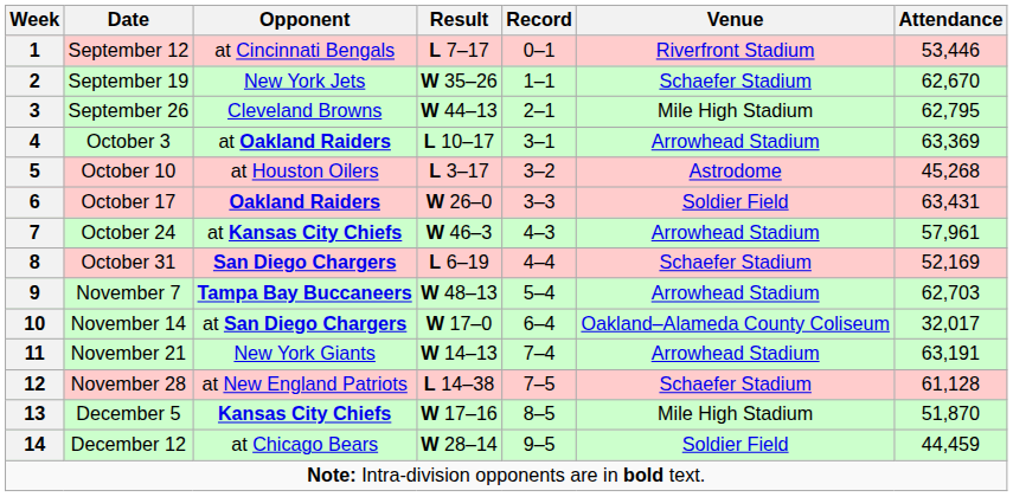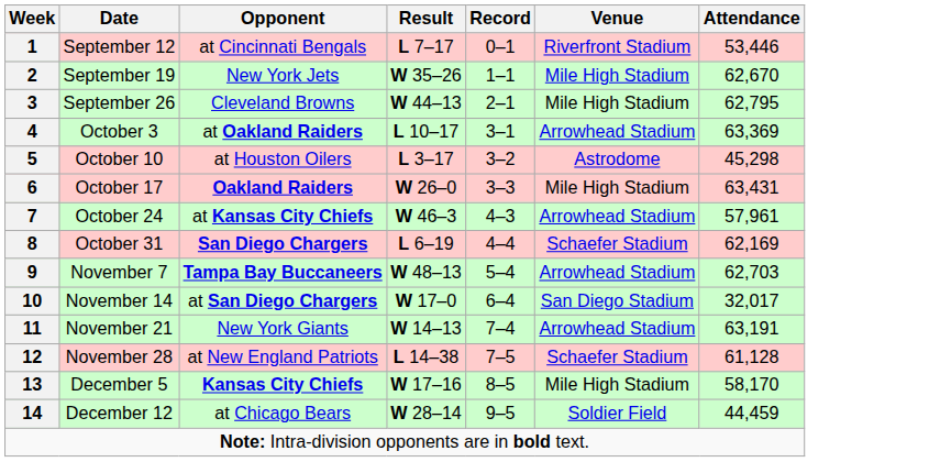 <table class="wikitable" style="text-align:center">
 <tr>
 <th>Week</th>
 <th>Date</th>
 <th>Opponent</th>
 <th>Result</th>
 <th>Record</th>
 <th>Venue</th>
 <th>Attendance</th>
 </tr>
 <tr style="background:#fcc">
 <th>1</th>
 <td>September 12</td>
 <td>at <a href='#'>Cincinnati Bengals</a></td>
 <td><strong>L</strong> 7–17</td>
 <td>0–1</td>
 <td><a href='#'>Riverfront Stadium</a></td>
 <td>53,446</td>
 </tr>
 <tr style="background:#cfc">
 <th>2</th>
 <td>September 19</td>
 <td><a href='#'>New York Jets</a></td>
 <td><strong>W</strong> 35–26</td>
 <td>1–1</td>
-<td><a href='#'>Schaefer Stadium</a></td>
+<td><a href='#'>Mile High Stadium</a></td>
 <td>62,670</td>
 </tr>
 <tr style="background:#cfc">
 <th>3</th>
 <td>September 26</td>
 <td><a href='#'>Cleveland Browns</a></td>
 <td><strong>W</strong> 44–13</td>
 <td>2–1</td>
 <td>Mile High Stadium</td>
 <td>62,795</td>
 </tr>
 <tr style="background:#cfc">
 <th>4</th>
 <td>October 3</td>
 <td>at <strong><a href='#'>Oakland Raiders</a></strong></td>
 <td><strong>L</strong> 10–17</td>
 <td>3–1</td>
 <td><a href='#'>Arrowhead Stadium</a></td>
 <td>63,369</td>
 </tr>
 <tr style="background:#fcc">
 <th>5</th>
 <td>October 10</td>
 <td>at <a href='#'>Houston Oilers</a></td>
 <td><strong>L</strong> 3–17</td>
 <td>3–2</td>
 <td><a href='#'>Astrodome</a></td>
-<td>45,268</td>
+<td>45,298</td>
 </tr>
 <tr style="background:#fcc">
 <th>6</th>
 <td>October 17</td>
 <td><strong><a href='#'>Oakland Raiders</a></strong></td>
 <td><strong>W</strong> 26–0</td>
 <td>3–3</td>
-<td><a href='#'>Soldier Field</a></td>
+<td>Mile High Stadium</td>
 <td>63,431</td>
 </tr>
 <tr style="background:#cfc">
 <th>7</th>
 <td>October 24</td>
 <td>at <strong><a href='#'>Kansas City Chiefs</a></strong></td>
 <td><strong>W</strong> 46–3</td>
 <td>4–3</td>
 <td><a href='#'>Arrowhead Stadium</a></td>
 <td>57,961</td>
 </tr>
 <tr style="background:#fcc">
 <th>8</th>
 <td>October 31</td>
 <td><strong><a href='#'>San Diego Chargers</a></strong></td>
 <td><strong>L</strong> 6–19</td>
 <td>4–4</td>
 <td><a href='#'>Schaefer Stadium</a></td>
-<td>52,169</td>
+<td>62,169</td>
 </tr>
 <tr style="background:#cfc">
 <th>9</th>
 <td>November 7</td>
 <td><strong><a href='#'>Tampa Bay Buccaneers</a></strong></td>
 <td><strong>W</strong> 48–13</td>
 <td>5–4</td>
 <td><a href='#'>Arrowhead Stadium</a></td>
 <td>62,703</td>
 </tr>
 <tr style="background:#cfc">
 <th>10</th>
 <td>November 14</td>
 <td>at <strong><a href='#'>San Diego Chargers</a></strong></td>
 <td><strong>W</strong> 17–0</td>
 <td>6–4</td>
-<td><a href='#'>Oakland–Alameda County Coliseum</a></td>
+<td><a href='#'>San Diego Stadium</a></td>
 <td>32,017</td>
 </tr>
 <tr style="background:#cfc">
 <th>11</th>
 <td>November 21</td>
 <td><a href='#'>New York Giants</a></td>
 <td><strong>W</strong> 14–13</td>
 <td>7–4</td>
 <td><a href='#'>Arrowhead Stadium</a></td>
 <td>63,191</td>
 </tr>
 <tr style="background:#fcc">
 <th>12</th>
 <td>November 28</td>
 <td>at <a href='#'>New England Patriots</a></td>
 <td><strong>L</strong> 14–38</td>
 <td>7–5</td>
 <td><a href='#'>Schaefer Stadium</a></td>
 <td>61,128</td>
 </tr>
 <tr style="background:#cfc">
 <th>13</th>
 <td>December 5</td>
 <td><strong><a href='#'>Kansas City Chiefs</a></strong></td>
 <td><strong>W</strong> 17–16</td>
 <td>8–5</td>
 <td>Mile High Stadium</td>
-<td>51,870</td>
+<td>58,170</td>
 </tr>
 <tr style="background:#cfc">
 <th>14</th>
 <td>December 12</td>
 <td>at <a href='#'>Chicago Bears</a></td>
 <td><strong>W</strong> 28–14</td>
 <td>9–5</td>
 <td><a href='#'>Soldier Field</a></td>
 <td>44,459</td>
 </tr>
 <tr>
 <td colspan="8"><strong>Note:</strong> Intra-division opponents are in <strong>bold</strong> text.</td>
 </tr>
 </table>
